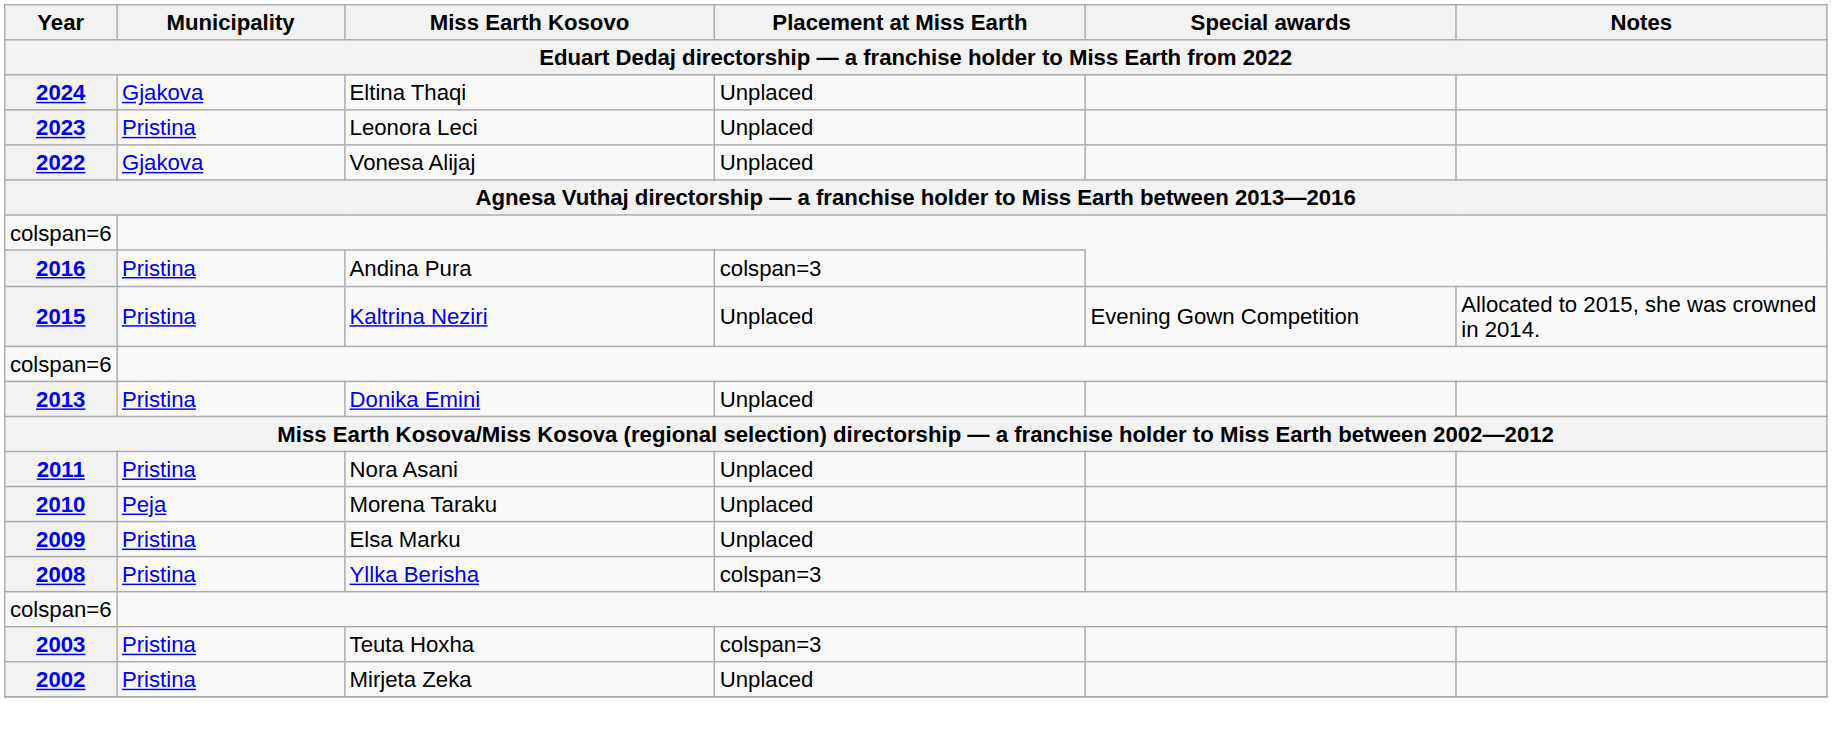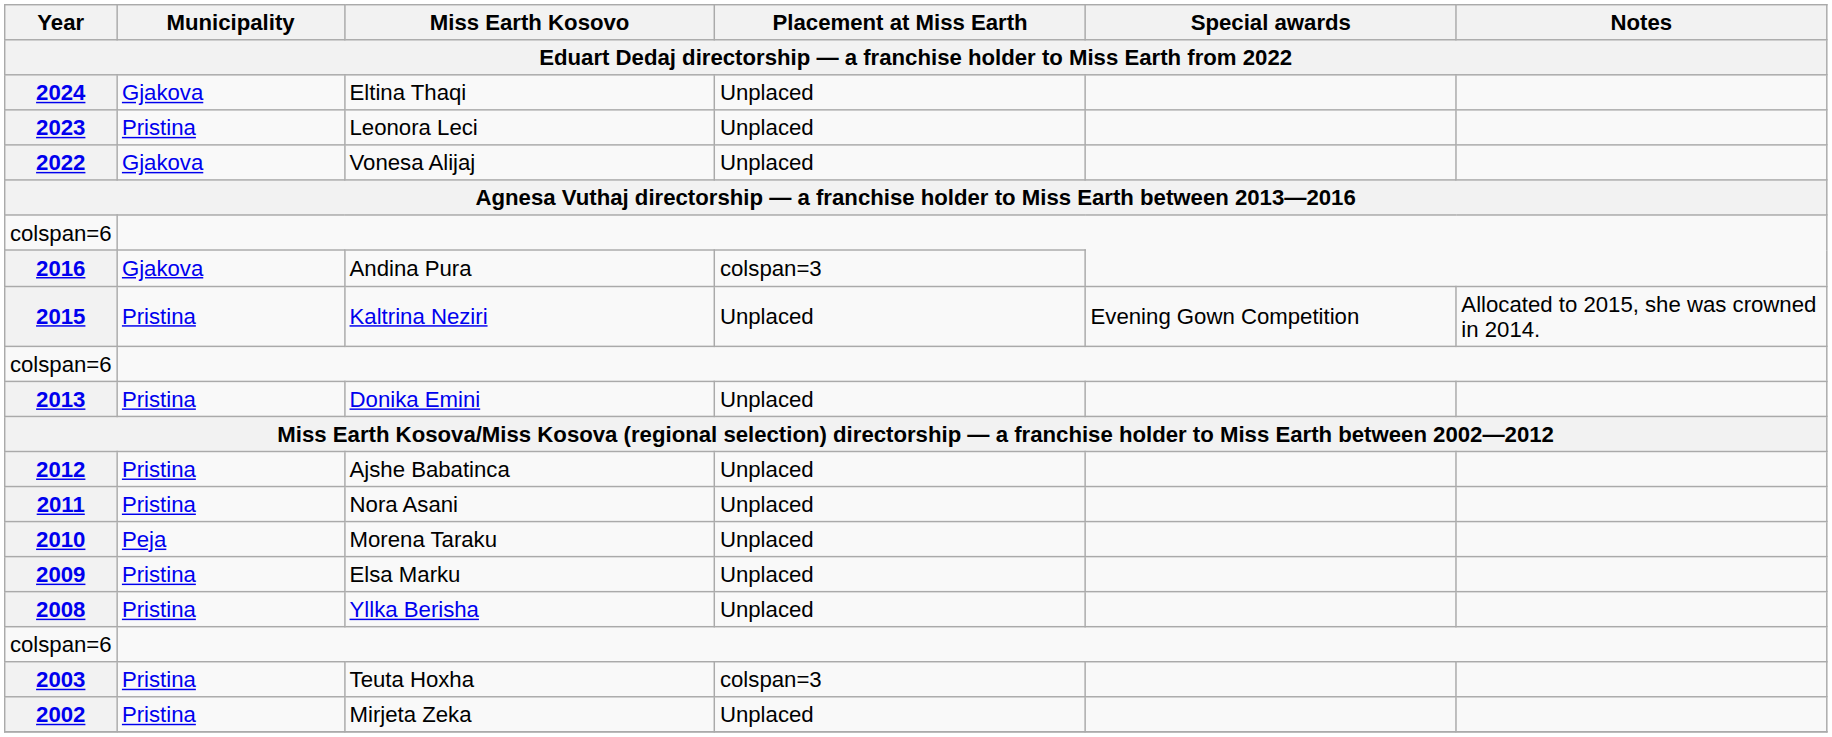 <table class="wikitable " style="font-size: 95%;">
 <tr>
 <th width="60">Year</th>
 <th width="150">Municipality</th>
 <th width="250">Miss Earth Kosovo</th>
 <th width="250">Placement at Miss Earth</th>
 <th width="250">Special awards</th>
 <th width="250">Notes</th>
 </tr>
 <tr>
 <th colspan="6">Eduart Dedaj directorship — a franchise holder to Miss Earth from 2022</th>
 </tr>
 <tr>
 <th><a href='#'>2024</a></th>
 <td><a href='#'>Gjakova</a></td>
 <td>Eltina Thaqi</td>
 <td>Unplaced</td>
 <td></td>
 <td></td>
 </tr>
 <tr>
 <th><a href='#'>2023</a></th>
 <td><a href='#'>Pristina</a></td>
 <td>Leonora Leci</td>
 <td>Unplaced</td>
 <td></td>
 <td></td>
 </tr>
 <tr>
 <th><a href='#'>2022</a></th>
 <td><a href='#'>Gjakova</a></td>
 <td>Vonesa Alijaj</td>
 <td>Unplaced</td>
 <td></td>
 <td></td>
 </tr>
 <tr>
 <th colspan="6">Agnesa Vuthaj directorship — a franchise holder to Miss Earth between 2013―2016</th>
 </tr>
 <tr>
 <td>colspan=6 </td>
 </tr>
 <tr>
 <th><a href='#'>2016</a></th>
-<td><a href='#'>Pristina</a></td>
+<td><a href='#'>Gjakova</a></td>
 <td>Andina Pura</td>
 <td>colspan=3 </td>
 </tr>
 <tr>
 <th><a href='#'>2015</a></th>
 <td><a href='#'>Pristina</a></td>
 <td><a href='#'>Kaltrina Neziri</a></td>
 <td>Unplaced</td>
 <td> Evening Gown Competition</td>
 <td>Allocated to 2015, she was crowned in 2014.</td>
 </tr>
 <tr>
 <td>colspan=6 </td>
 </tr>
 <tr>
 <th><a href='#'>2013</a></th>
 <td><a href='#'>Pristina</a></td>
 <td><a href='#'>Donika Emini</a></td>
 <td>Unplaced</td>
 <td></td>
 <td></td>
 </tr>
 <tr>
 <th colspan="6">Miss Earth Kosova/Miss Kosova (regional selection) directorship — a franchise holder to Miss Earth between 2002―2012</th>
+</tr>
+<tr>
+<th><a href='#'>2012</a></th>
+<td><a href='#'>Pristina</a></td>
+<td>Ajshe Babatinca</td>
+<td>Unplaced</td>
+<td></td>
+<td></td>
 </tr>
 <tr>
 <th><a href='#'>2011</a></th>
 <td><a href='#'>Pristina</a></td>
 <td>Nora Asani</td>
 <td>Unplaced</td>
 <td></td>
 <td></td>
 </tr>
 <tr>
 <th><a href='#'>2010</a></th>
 <td><a href='#'>Peja</a></td>
 <td>Morena Taraku</td>
 <td>Unplaced</td>
 <td></td>
 <td></td>
 </tr>
 <tr>
 <th><a href='#'>2009</a></th>
 <td><a href='#'>Pristina</a></td>
 <td>Elsa Marku</td>
 <td>Unplaced</td>
 <td></td>
 <td></td>
 </tr>
 <tr>
 <th><a href='#'>2008</a></th>
 <td><a href='#'>Pristina</a></td>
 <td><a href='#'>Yllka Berisha</a></td>
-<td>colspan=3 </td>
+<td>Unplaced</td>
 <td></td>
 <td></td>
 </tr>
 <tr>
 <td>colspan=6 </td>
 </tr>
 <tr>
 <th><a href='#'>2003</a></th>
 <td><a href='#'>Pristina</a></td>
 <td>Teuta Hoxha</td>
 <td>colspan=3 </td>
 <td></td>
 <td></td>
 </tr>
 <tr>
 <th><a href='#'>2002</a></th>
 <td><a href='#'>Pristina</a></td>
 <td>Mirjeta Zeka</td>
 <td>Unplaced</td>
 <td></td>
 <td></td>
 </tr>
 <tr>
 </tr>
 </table>
